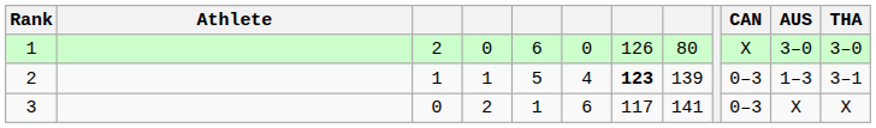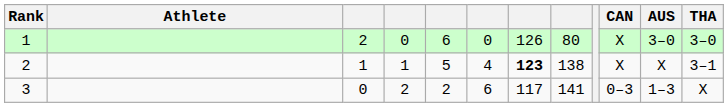 <table class="wikitable" style="text-align:center">
 <tr>
 <th>Rank</th>
 <th width=250>Athlete</th>
 <th width=30></th>
 <th width=30></th>
 <th width=30></th>
 <th width=30></th>
 <th width=30></th>
 <th width=30></th>
 <th rowspan=4></th>
 <th width=30>CAN</th>
 <th width=30>AUS</th>
 <th width=30>THA</th>
 </tr>
 <tr style="background-color:#ccffcc;">
 <td>1</td>
 <td align=left></td>
 <td>2</td>
 <td>0</td>
 <td>6</td>
 <td>0</td>
 <td>126</td>
 <td>80</td>
 <td>X</td>
 <td>3–0</td>
 <td>3–0</td>
 </tr>
 <tr>
 <td>2</td>
 <td align=left></td>
 <td>1</td>
 <td>1</td>
 <td>5</td>
 <td>4</td>
 <td><strong>123</strong></td>
-<td>139</td>
-<td>0–3</td>
-<td>1–3</td>
+<td>138</td>
+<td>X</td>
+<td>X</td>
 <td>3–1</td>
 </tr>
 <tr>
 <td>3</td>
 <td align=left></td>
 <td>0</td>
 <td>2</td>
-<td>1</td>
+<td>2</td>
 <td>6</td>
 <td>117</td>
 <td>141</td>
 <td>0–3</td>
-<td>X</td>
+<td>1–3</td>
 <td>X</td>
 </tr>
 </table>
